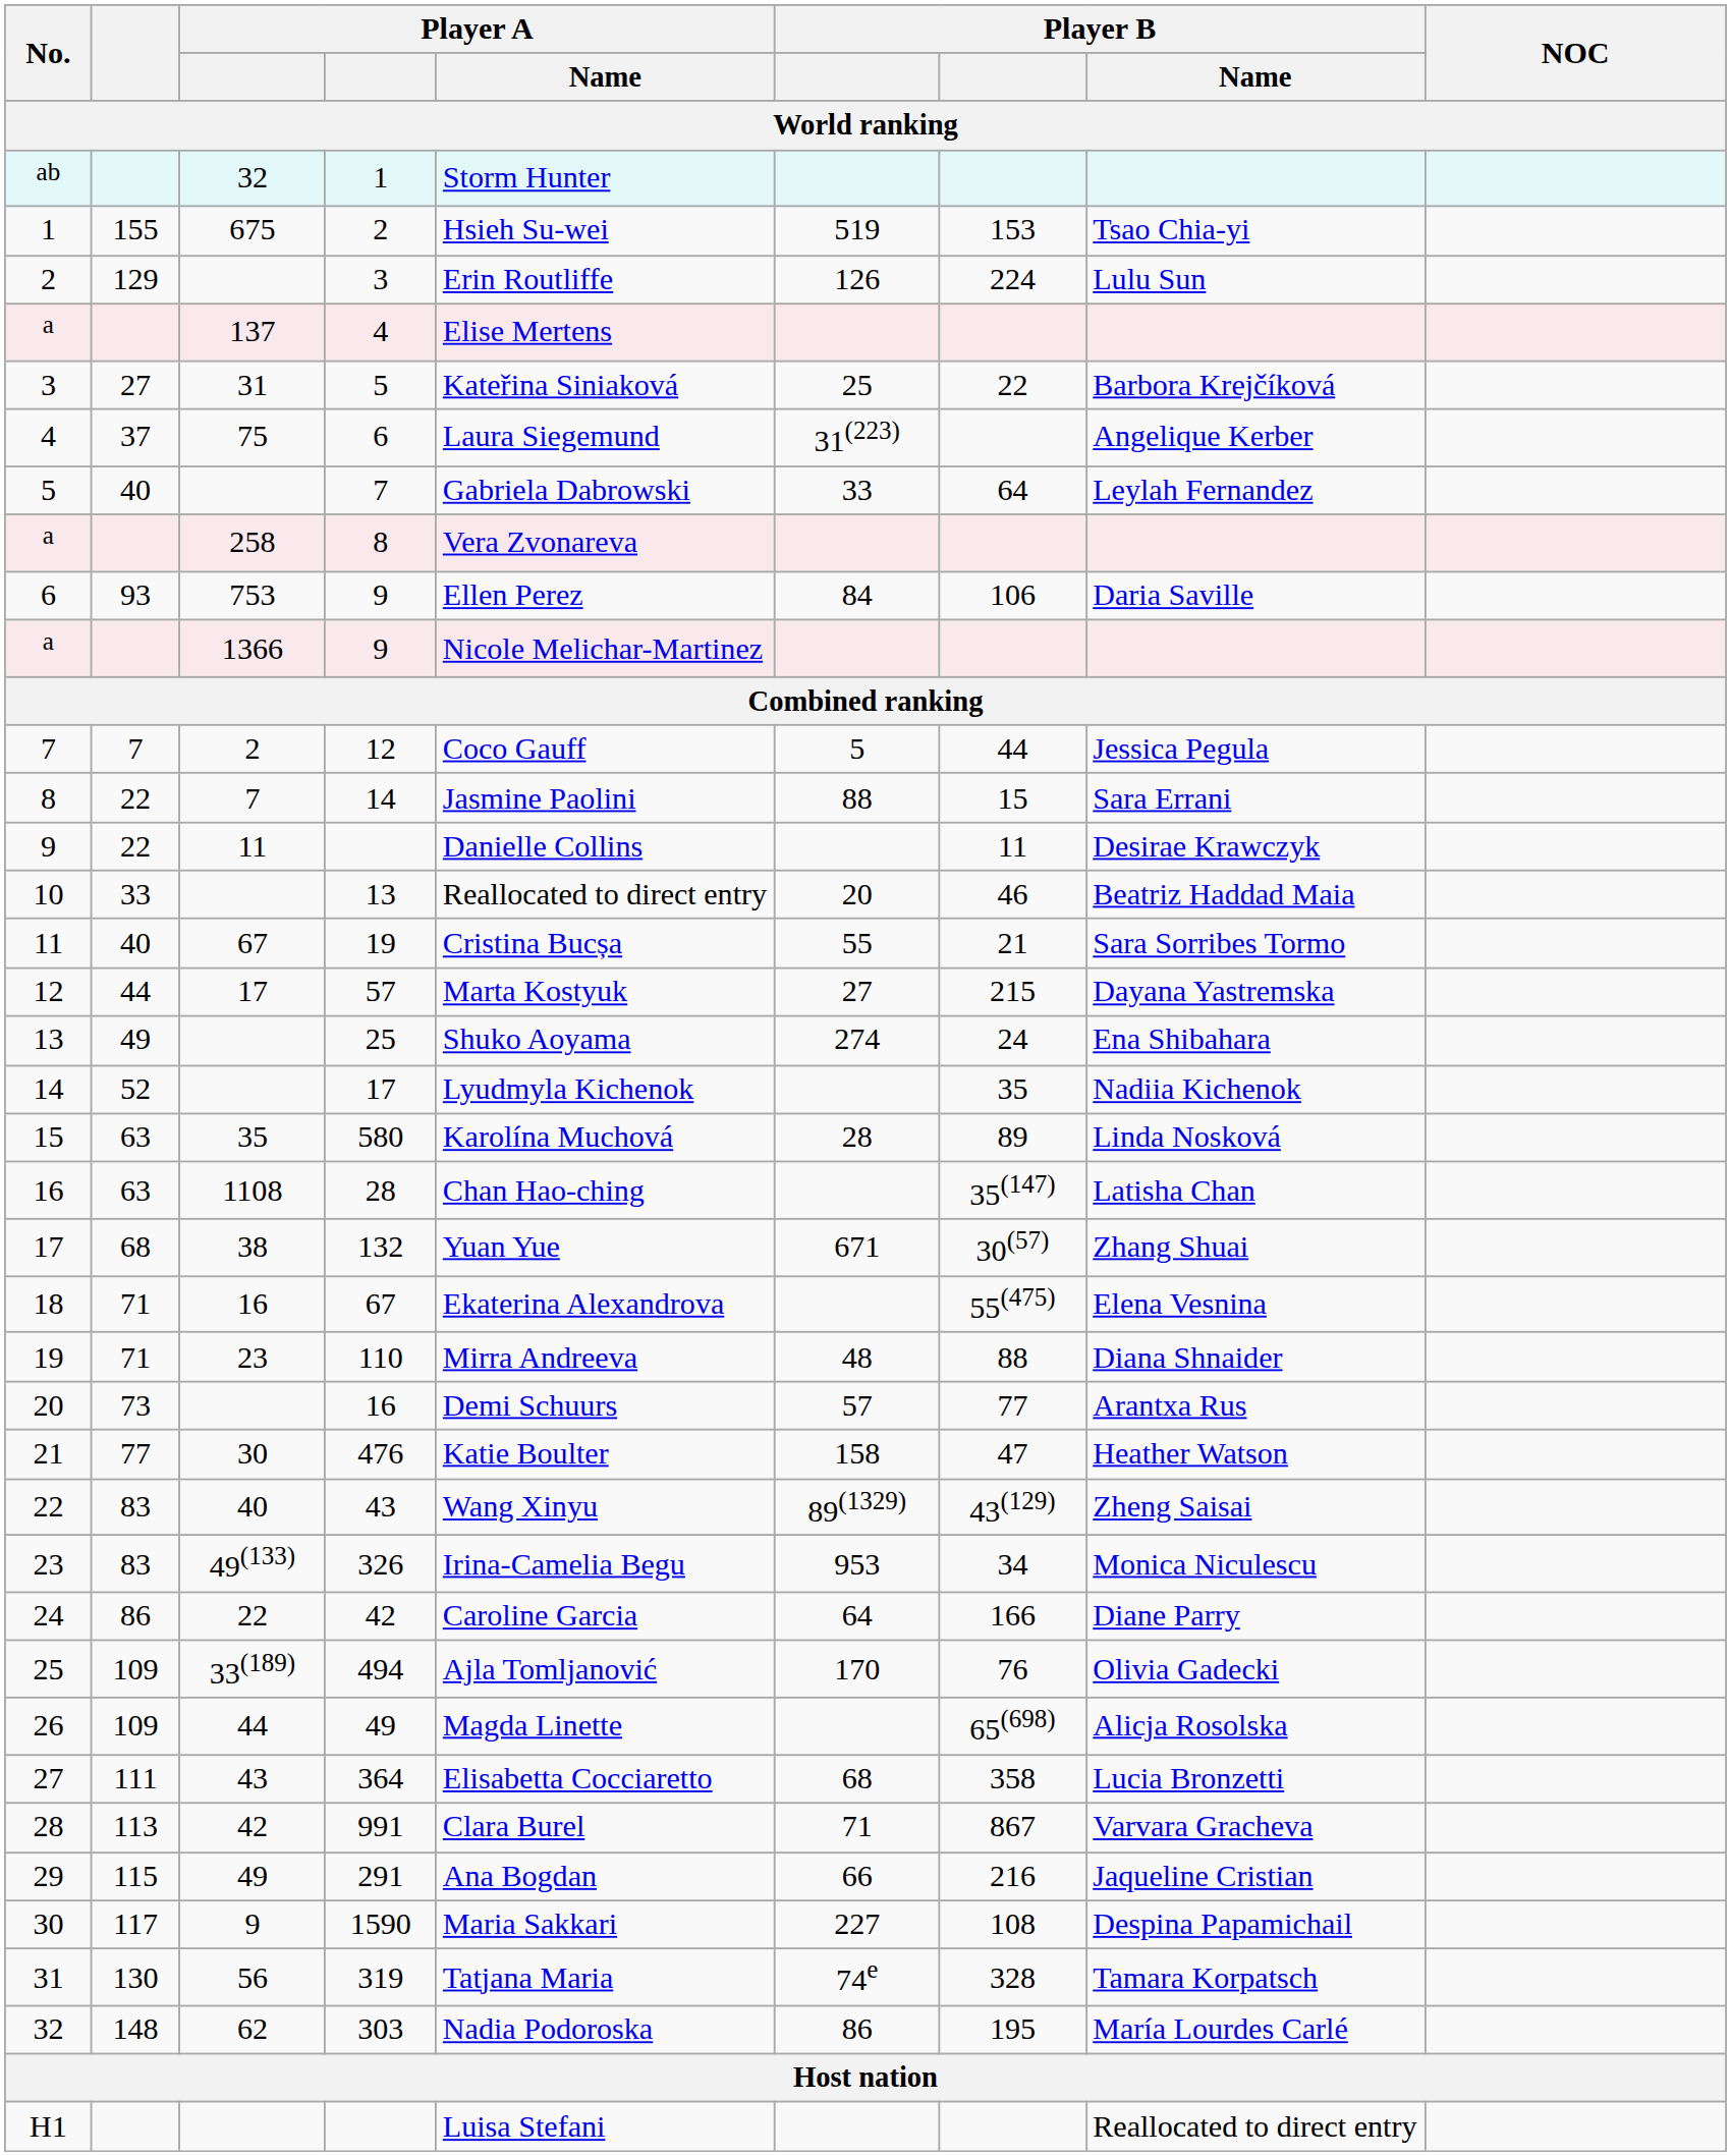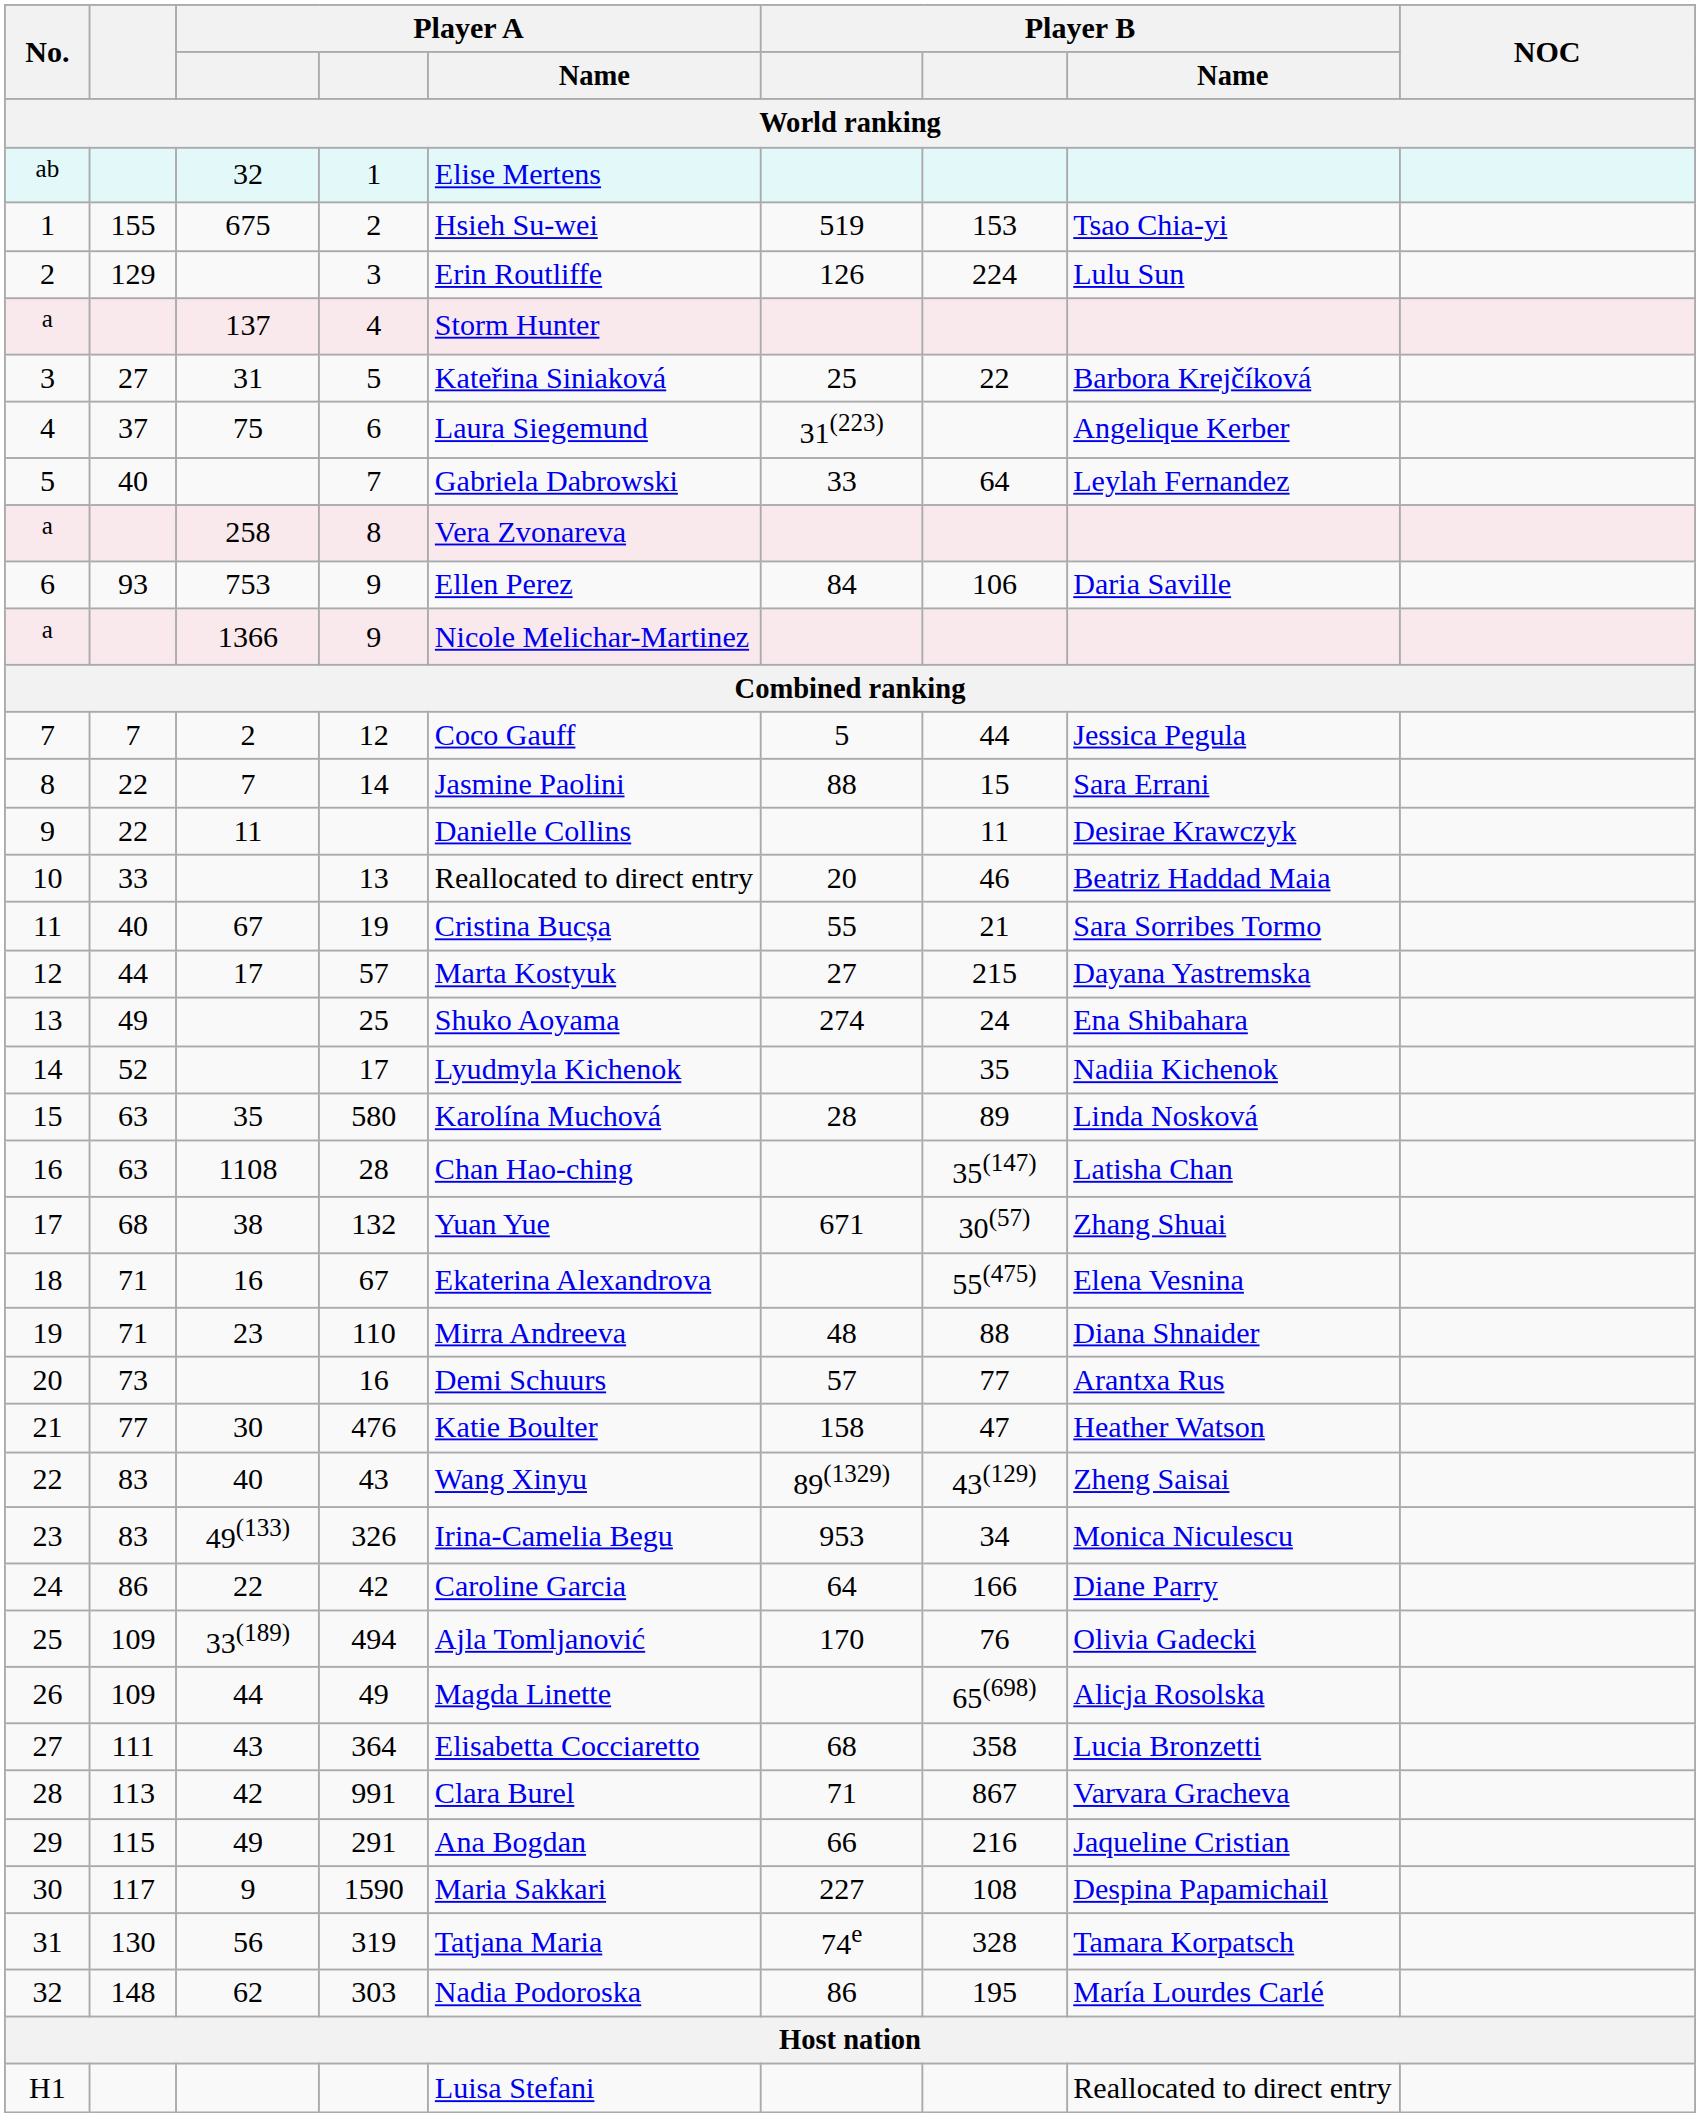 <table class="sortable wikitable nowrap" style="text-align:center;" width=900>
 <tr>
 <th rowspan="2">No.</th>
 <th rowspan="2"></th>
 <th colspan="3">Player A</th>
 <th colspan="3">Player B</th>
 <th width=150 rowspan="2">NOC</th>
 </tr>
 <tr style="font-size: 95%">
 <th></th>
 <th></th>
 <th width=170>Name</th>
 <th></th>
 <th></th>
 <th width=170>Name</th>
 </tr>
 <tr style="font-size: 95%">
 <th colspan="9">World ranking</th>
 </tr>
 <tr style="background-color:#E3F9F9">
 <td><sup>ab</sup></td>
 <td></td>
 <td>32</td>
 <td>1</td>
-<td align=left><a href='#'>Storm Hunter</a></td>
+<td align=left><a href='#'>Elise Mertens</a></td>
 <td></td>
 <td></td>
 <td align=left></td>
 <td align="left"></td>
 </tr>
 <tr>
 <td>1</td>
 <td>155</td>
 <td>675</td>
 <td>2</td>
 <td align=left><a href='#'>Hsieh Su-wei</a></td>
 <td>519</td>
 <td>153</td>
 <td align=left><a href='#'>Tsao Chia-yi</a></td>
 <td align="left"></td>
 </tr>
 <tr>
 <td>2</td>
 <td>129</td>
 <td></td>
 <td>3</td>
 <td align=left><a href='#'>Erin Routliffe</a></td>
 <td>126</td>
 <td>224</td>
 <td align=left><a href='#'>Lulu Sun</a></td>
 <td align="left"></td>
 </tr>
 <tr style="background-color:#F9E9ED">
 <td><sup>a</sup></td>
 <td></td>
 <td>137</td>
 <td>4</td>
-<td align=left><a href='#'>Elise Mertens</a></td>
+<td align=left><a href='#'>Storm Hunter</a></td>
 <td></td>
 <td></td>
 <td align=left></td>
 <td align="left"></td>
 </tr>
 <tr>
 <td>3</td>
 <td>27</td>
 <td>31</td>
 <td>5</td>
 <td align=left><a href='#'>Kateřina Siniaková</a></td>
 <td>25</td>
 <td>22</td>
 <td align=left><a href='#'>Barbora Krejčíková</a></td>
 <td align="left"></td>
 </tr>
 <tr>
 <td>4</td>
 <td>37</td>
 <td>75</td>
 <td>6</td>
 <td align=left><a href='#'>Laura Siegemund</a></td>
 <td>31<sup>(223)</sup></td>
 <td></td>
 <td align=left><a href='#'>Angelique Kerber</a></td>
 <td align="left"></td>
 </tr>
 <tr>
 <td>5</td>
 <td>40</td>
 <td></td>
 <td>7</td>
 <td align=left><a href='#'>Gabriela Dabrowski</a></td>
 <td>33</td>
 <td>64</td>
 <td align=left><a href='#'>Leylah Fernandez</a></td>
 <td align="left"></td>
 </tr>
 <tr style="background-color:#F9E9ED">
 <td><sup>a</sup></td>
 <td></td>
 <td>258</td>
 <td>8</td>
 <td align=left><a href='#'>Vera Zvonareva</a></td>
 <td></td>
 <td></td>
 <td align=left></td>
 <td align="left"></td>
 </tr>
 <tr>
 <td>6</td>
 <td>93</td>
 <td>753</td>
 <td>9</td>
 <td align=left><a href='#'>Ellen Perez</a></td>
 <td>84</td>
 <td>106</td>
 <td align=left><a href='#'>Daria Saville</a></td>
 <td align="left"></td>
 </tr>
 <tr style="background-color:#F9E9ED">
 <td><sup>a</sup></td>
 <td></td>
 <td>1366</td>
 <td>9</td>
 <td align="left"><a href='#'>Nicole Melichar-Martinez</a></td>
 <td></td>
 <td></td>
 <td align="left"></td>
 <td align="left"></td>
 </tr>
 <tr class="sortbottom" style="font-size: 95%">
 <th colspan="9">Combined ranking</th>
 </tr>
 <tr>
 <td>7</td>
 <td>7</td>
 <td>2</td>
 <td>12</td>
 <td align="left"><a href='#'>Coco Gauff</a></td>
 <td>5</td>
 <td>44</td>
 <td align="left"><a href='#'>Jessica Pegula</a></td>
 <td align="left"></td>
 </tr>
 <tr>
 <td>8</td>
 <td>22</td>
 <td>7</td>
 <td>14</td>
 <td align=left><a href='#'>Jasmine Paolini</a></td>
 <td>88</td>
 <td>15</td>
 <td align=left><a href='#'>Sara Errani</a></td>
 <td align="left"></td>
 </tr>
 <tr>
 <td>9</td>
 <td>22</td>
 <td>11</td>
 <td></td>
 <td align="left"><a href='#'>Danielle Collins</a></td>
 <td></td>
 <td>11</td>
 <td align="left"><a href='#'>Desirae Krawczyk</a></td>
 <td align="left"></td>
 </tr>
 <tr>
 <td>10</td>
 <td>33</td>
 <td></td>
 <td>13</td>
 <td align=left>Reallocated to direct entry</td>
 <td>20</td>
 <td>46</td>
 <td align="left"><a href='#'>Beatriz Haddad Maia</a></td>
 <td align="left"></td>
 </tr>
 <tr>
 <td>11</td>
 <td>40</td>
 <td>67</td>
 <td>19</td>
 <td align=left><a href='#'>Cristina Bucșa</a></td>
 <td>55</td>
 <td>21</td>
 <td align=left><a href='#'>Sara Sorribes Tormo</a></td>
 <td align="left"></td>
 </tr>
 <tr>
 <td>12</td>
 <td>44</td>
 <td>17</td>
 <td>57</td>
 <td align="left"><a href='#'>Marta Kostyuk</a></td>
 <td>27</td>
 <td>215</td>
 <td align="left"><a href='#'>Dayana Yastremska</a></td>
 <td align="left"></td>
 </tr>
 <tr>
 <td>13</td>
 <td>49</td>
 <td></td>
 <td>25</td>
 <td align=left><a href='#'>Shuko Aoyama</a></td>
 <td>274</td>
 <td>24</td>
 <td align=left><a href='#'>Ena Shibahara</a></td>
 <td align="left"></td>
 </tr>
 <tr>
 <td>14</td>
 <td>52</td>
 <td></td>
 <td>17</td>
 <td align="left"><a href='#'>Lyudmyla Kichenok</a></td>
 <td></td>
 <td>35</td>
 <td align="left"><a href='#'>Nadiia Kichenok</a></td>
 <td align="left"></td>
 </tr>
 <tr>
 <td>15</td>
 <td>63</td>
 <td>35</td>
 <td>580</td>
 <td align=left><a href='#'>Karolína Muchová</a></td>
 <td>28</td>
 <td>89</td>
 <td align=left><a href='#'>Linda Nosková</a></td>
 <td align="left"></td>
 </tr>
 <tr>
 <td>16</td>
 <td>63</td>
 <td>1108</td>
 <td>28</td>
 <td align=left><a href='#'>Chan Hao-ching</a></td>
 <td></td>
 <td>35<sup>(147)</sup></td>
 <td align=left><a href='#'>Latisha Chan</a></td>
 <td align="left"></td>
 </tr>
 <tr>
 <td>17</td>
 <td>68</td>
 <td>38</td>
 <td>132</td>
 <td align=left><a href='#'>Yuan Yue</a></td>
 <td>671</td>
 <td>30<sup>(57)</sup></td>
 <td align=left><a href='#'>Zhang Shuai</a></td>
 <td align="left"></td>
 </tr>
 <tr>
 <td>18</td>
 <td>71</td>
 <td>16</td>
 <td>67</td>
 <td align="left"><a href='#'>Ekaterina Alexandrova</a></td>
 <td></td>
 <td>55<sup>(475)</sup></td>
 <td align="left"><a href='#'>Elena Vesnina</a></td>
 <td align="left"></td>
 </tr>
 <tr>
 <td>19</td>
 <td>71</td>
 <td>23</td>
 <td>110</td>
 <td align=left><a href='#'>Mirra Andreeva</a></td>
 <td>48</td>
 <td>88</td>
 <td align=left><a href='#'>Diana Shnaider</a></td>
 <td align="left"></td>
 </tr>
 <tr>
 <td>20</td>
 <td>73</td>
 <td></td>
 <td>16</td>
 <td align=left><a href='#'>Demi Schuurs</a></td>
 <td>57</td>
 <td>77</td>
 <td align=left><a href='#'>Arantxa Rus</a></td>
 <td align="left"></td>
 </tr>
 <tr>
 <td>21</td>
 <td>77</td>
 <td>30</td>
 <td>476</td>
 <td align="left"><a href='#'>Katie Boulter</a></td>
 <td>158</td>
 <td>47</td>
 <td align="left"><a href='#'>Heather Watson</a></td>
 <td align="left"></td>
 </tr>
 <tr>
 <td>22</td>
 <td>83</td>
 <td>40</td>
 <td>43</td>
 <td align=left><a href='#'>Wang Xinyu</a></td>
 <td>89<sup>(1329)</sup></td>
 <td>43<sup>(129)</sup></td>
 <td align=left><a href='#'>Zheng Saisai</a></td>
 <td align="left"></td>
 </tr>
 <tr>
 <td>23</td>
 <td>83</td>
 <td>49<sup>(133)</sup></td>
 <td>326</td>
 <td align=left><a href='#'>Irina-Camelia Begu</a></td>
 <td>953</td>
 <td>34</td>
 <td align=left><a href='#'>Monica Niculescu</a></td>
 <td align="left"></td>
 </tr>
 <tr>
 <td>24</td>
 <td>86</td>
 <td>22</td>
 <td>42</td>
 <td align=left><a href='#'>Caroline Garcia</a></td>
 <td>64</td>
 <td>166</td>
 <td align=left><a href='#'>Diane Parry</a></td>
 <td align="left"></td>
 </tr>
 <tr>
 <td>25</td>
 <td>109</td>
 <td>33<sup>(189)</sup></td>
 <td>494</td>
 <td align=left><a href='#'>Ajla Tomljanović</a></td>
 <td>170</td>
 <td>76</td>
 <td align=left><a href='#'>Olivia Gadecki</a></td>
 <td align="left"></td>
 </tr>
 <tr>
 <td>26</td>
 <td>109</td>
 <td>44</td>
 <td>49</td>
 <td align=left><a href='#'>Magda Linette</a></td>
 <td></td>
 <td>65<sup>(698)</sup></td>
 <td align=left><a href='#'>Alicja Rosolska</a></td>
 <td align="left"></td>
 </tr>
 <tr>
 <td>27</td>
 <td>111</td>
 <td>43</td>
 <td>364</td>
 <td align=left><a href='#'>Elisabetta Cocciaretto</a></td>
 <td>68</td>
 <td>358</td>
 <td align=left><a href='#'>Lucia Bronzetti</a></td>
 <td align="left"></td>
 </tr>
 <tr>
 <td>28</td>
 <td>113</td>
 <td>42</td>
 <td>991</td>
 <td align=left><a href='#'>Clara Burel</a></td>
 <td>71</td>
 <td>867</td>
 <td align=left><a href='#'>Varvara Gracheva</a></td>
 <td align="left"></td>
 </tr>
 <tr>
 <td>29</td>
 <td>115</td>
 <td>49</td>
 <td>291</td>
 <td align=left><a href='#'>Ana Bogdan</a></td>
 <td>66</td>
 <td>216</td>
 <td align=left><a href='#'>Jaqueline Cristian</a></td>
 <td align="left"></td>
 </tr>
 <tr>
 <td>30</td>
 <td>117</td>
 <td>9</td>
 <td>1590</td>
 <td align=left><a href='#'>Maria Sakkari</a></td>
 <td>227</td>
 <td>108</td>
 <td align=left><a href='#'>Despina Papamichail</a></td>
 <td align="left"></td>
 </tr>
 <tr>
 <td>31</td>
 <td>130</td>
 <td>56</td>
 <td>319</td>
 <td align=left><a href='#'>Tatjana Maria</a></td>
 <td>74<sup>e</sup></td>
 <td>328</td>
 <td align=left><a href='#'>Tamara Korpatsch</a></td>
 <td align="left"></td>
 </tr>
 <tr>
 <td>32</td>
 <td>148</td>
 <td>62</td>
 <td>303</td>
 <td align="left"><a href='#'>Nadia Podoroska</a></td>
 <td>86</td>
 <td>195</td>
 <td align="left"><a href='#'>María Lourdes Carlé</a></td>
 <td align="left"></td>
 </tr>
 <tr class="sortbottom" style="font-size: 95%">
 <th colspan="9">Host nation</th>
 </tr>
 <tr>
 <td>H1</td>
 <td></td>
 <td></td>
 <td></td>
 <td align="left"><a href='#'>Luisa Stefani</a></td>
 <td></td>
 <td></td>
 <td align=left>Reallocated to direct entry</td>
 <td align="left"></td>
 </tr>
 </table>
